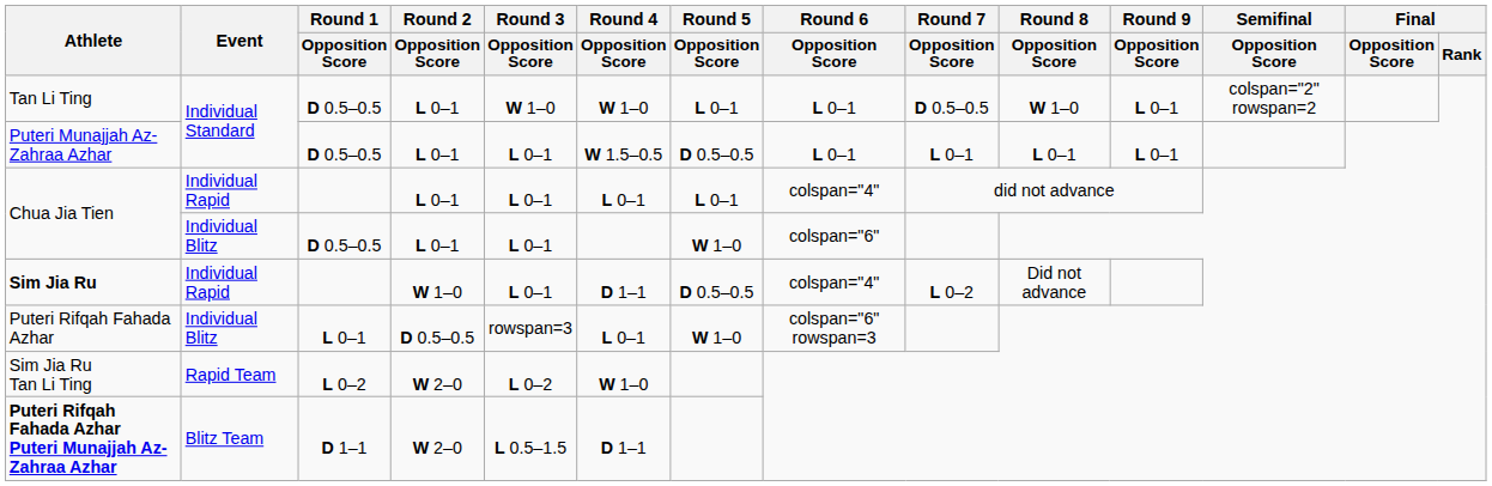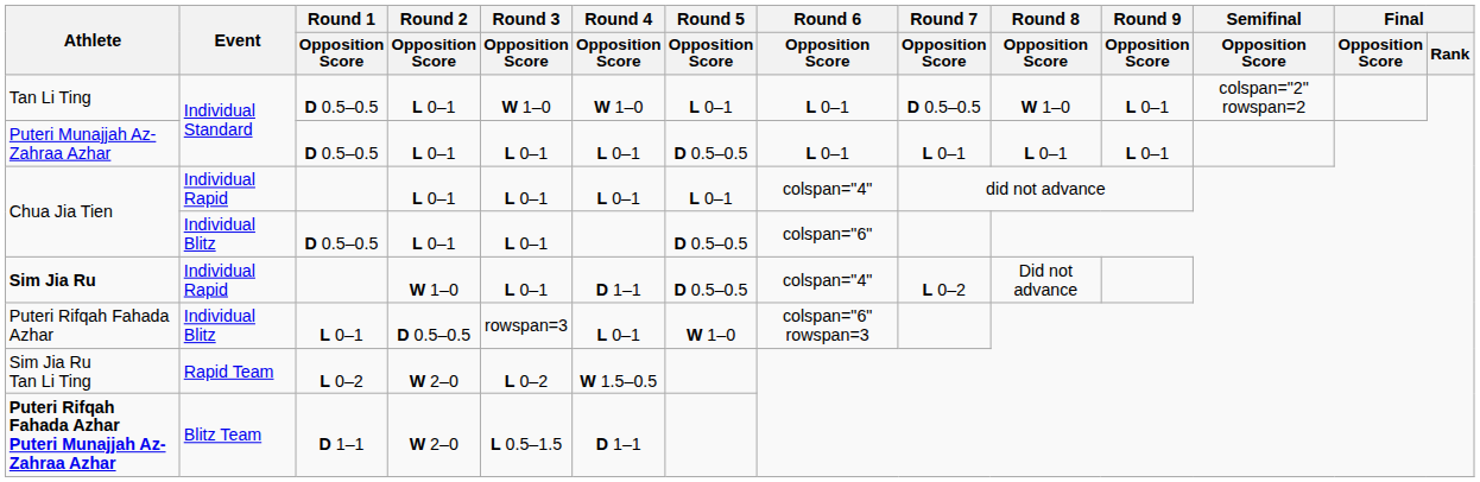 <table class="wikitable" style="font-size:90%">
 <tr>
 <th rowspan="2">Athlete</th>
 <th rowspan="2">Event</th>
 <th>Round 1</th>
 <th>Round 2</th>
 <th>Round 3</th>
 <th>Round 4</th>
 <th>Round 5</th>
 <th>Round 6</th>
 <th>Round 7</th>
 <th>Round 8</th>
 <th>Round 9</th>
 <th>Semifinal</th>
 <th colspan="2">Final</th>
 </tr>
 <tr style="font-size:95%", align="center">
 <th>Opposition<br>Score</th>
 <th>Opposition<br>Score</th>
 <th>Opposition<br>Score</th>
 <th>Opposition<br>Score</th>
 <th>Opposition<br>Score</th>
 <th>Opposition<br>Score</th>
 <th>Opposition<br>Score</th>
 <th>Opposition<br>Score</th>
 <th>Opposition<br>Score</th>
 <th>Opposition<br>Score</th>
 <th>Opposition<br>Score</th>
 <th>Rank</th>
 </tr>
 <tr align="center">
 <td align="left">Tan Li Ting</td>
 <td rowspan="2" align="left"><a href='#'>Individual Standard</a></td>
 <td><br><strong>D</strong> 0.5–0.5</td>
 <td><br><strong>L</strong> 0–1</td>
 <td><br><strong>W</strong> 1–0</td>
 <td><br><strong>W</strong> 1–0</td>
 <td><br><strong>L</strong> 0–1</td>
 <td><br><strong>L</strong> 0–1</td>
 <td><br><strong>D</strong> 0.5–0.5</td>
 <td><br><strong>W</strong> 1–0</td>
 <td><br><strong>L</strong> 0–1</td>
 <td>colspan="2" rowspan=2 </td>
 <td></td>
 </tr>
 <tr align="center">
 <td align="left"><a href='#'>Puteri Munajjah Az-Zahraa Azhar</a></td>
 <td><br><strong>D</strong> 0.5–0.5</td>
 <td><br><strong>L</strong> 0–1</td>
 <td><br><strong>L</strong> 0–1</td>
-<td><br><strong>W</strong> 1.5–0.5</td>
+<td><br><strong>L</strong> 0–1</td>
 <td><br><strong>D</strong> 0.5–0.5</td>
 <td><br><strong>L</strong> 0–1</td>
 <td><br><strong>L</strong> 0–1</td>
 <td><br><strong>L</strong> 0–1</td>
 <td><br><strong>L</strong> 0–1</td>
 <td></td>
 </tr>
 <tr align="center">
 <td align="left" rowspan=2>Chua Jia Tien</td>
 <td align="left"><a href='#'>Individual Rapid</a></td>
 <td></td>
 <td><br><strong>L</strong> 0–1</td>
 <td><br><strong>L</strong> 0–1</td>
 <td><br><strong>L</strong> 0–1</td>
 <td><br><strong>L</strong> 0–1</td>
 <td>colspan="4" </td>
 <td colspan="3">did not advance</td>
 </tr>
 <tr align="center">
 <td align="left"><a href='#'>Individual Blitz</a></td>
 <td><br><strong>D</strong> 0.5–0.5</td>
 <td><br><strong>L</strong> 0–1</td>
 <td><br><strong>L</strong> 0–1</td>
 <td></td>
-<td><br><strong>W</strong> 1–0</td>
+<td><br><strong>D</strong> 0.5–0.5</td>
 <td>colspan="6" </td>
 <td></td>
 </tr>
 <tr align="center">
 <td align="left"><strong>Sim Jia Ru</strong></td>
 <td align="left"><a href='#'>Individual Rapid</a></td>
 <td></td>
 <td><br><strong>W</strong> 1–0</td>
 <td><br><strong>L</strong> 0–1</td>
 <td><br><strong>D</strong> 1–1</td>
 <td><br><strong>D</strong> 0.5–0.5</td>
 <td>colspan="4" </td>
 <td><br><strong>L</strong> 0–2</td>
 <td>Did not advance</td>
 <td></td>
 </tr>
 <tr align="center">
 <td align="left">Puteri Rifqah Fahada Azhar</td>
 <td align="left"><a href='#'>Individual Blitz</a></td>
 <td><br><strong>L</strong> 0–1</td>
 <td><br><strong>D</strong> 0.5–0.5</td>
 <td>rowspan=3 </td>
 <td><br><strong>L</strong> 0–1</td>
 <td><br><strong>W</strong> 1–0</td>
 <td>colspan="6" rowspan=3 </td>
 <td></td>
 </tr>
 <tr align="center">
 <td align="left">Sim Jia Ru<br>Tan Li Ting</td>
 <td align="left"><a href='#'>Rapid Team</a></td>
 <td><br><strong>L</strong> 0–2</td>
 <td><br><strong>W</strong> 2–0</td>
 <td><br><strong>L</strong> 0–2</td>
-<td><br><strong>W</strong> 1–0</td>
+<td><br><strong>W</strong> 1.5–0.5</td>
 <td></td>
 </tr>
 <tr align="center">
 <td align="left"><strong>Puteri Rifqah Fahada Azhar<br><a href='#'>Puteri Munajjah Az-Zahraa Azhar</a></strong></td>
 <td align="left"><a href='#'>Blitz Team</a></td>
 <td><br><strong>D</strong> 1–1</td>
 <td><br><strong>W</strong> 2–0</td>
 <td><br><strong>L</strong> 0.5–1.5</td>
 <td><br><strong>D</strong> 1–1</td>
 <td></td>
 </tr>
 </table>
